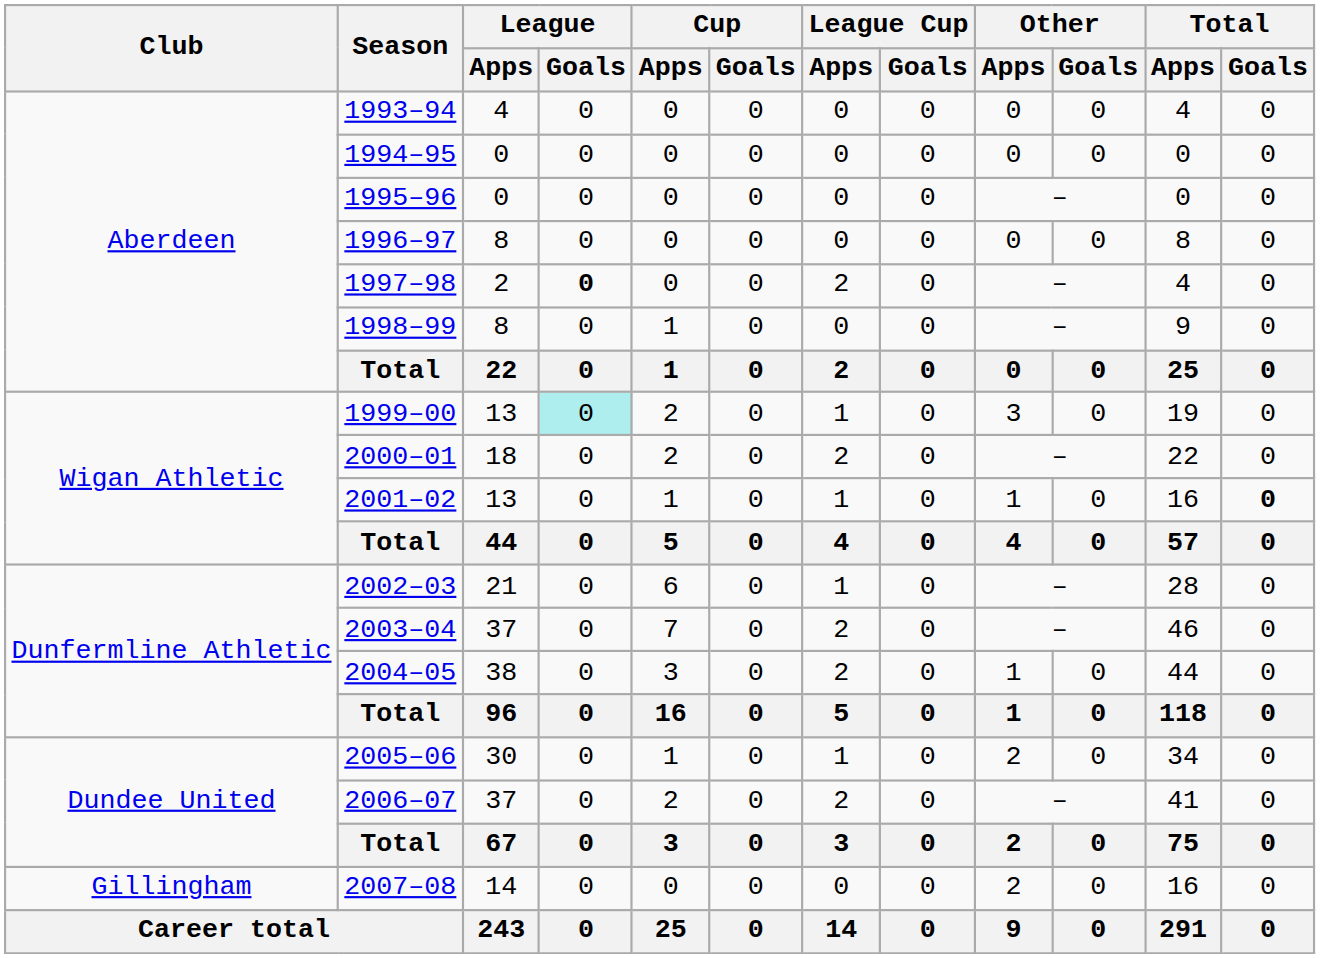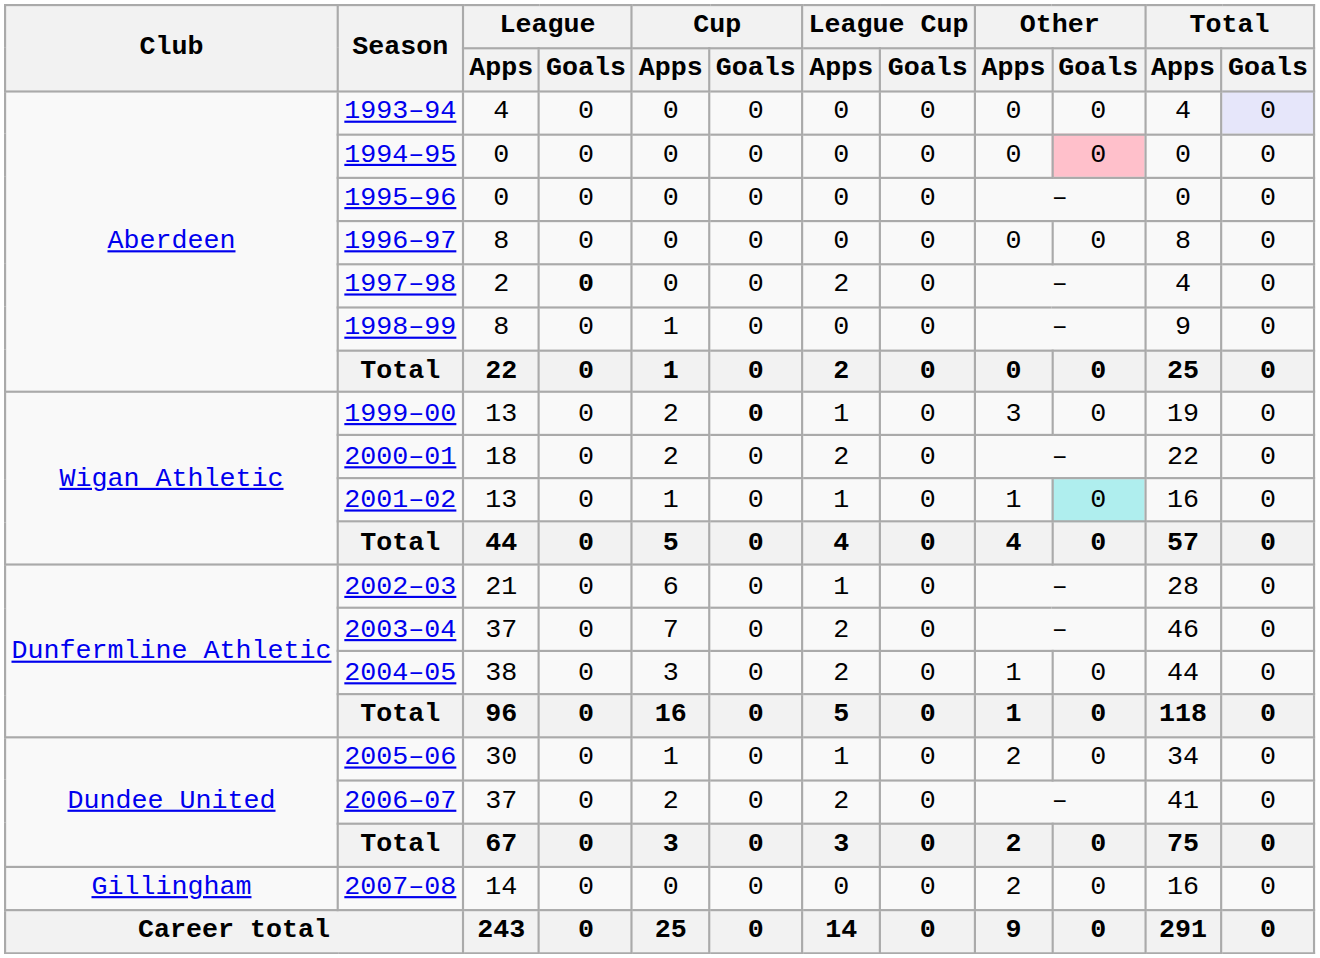 <table class="wikitable" style="font-size:95%; text-align:center">
 <tr>
 <th rowspan="2">Club</th>
 <th rowspan="2">Season</th>
 <th colspan="2">League</th>
 <th colspan="2">Cup</th>
 <th colspan="2">League Cup</th>
 <th colspan="2">Other</th>
 <th colspan="2">Total</th>
 </tr>
 <tr>
 <th>Apps</th>
 <th>Goals</th>
 <th>Apps</th>
 <th>Goals</th>
 <th>Apps</th>
 <th>Goals</th>
 <th>Apps</th>
 <th>Goals</th>
 <th>Apps</th>
 <th>Goals</th>
 </tr>
 <tr>
 <td rowspan="7"><a href='#'>Aberdeen</a></td>
 <td><a href='#'>1993–94</a></td>
 <td>4</td>
 <td>0</td>
 <td>0</td>
 <td>0</td>
 <td>0</td>
 <td>0</td>
 <td>0</td>
 <td>0</td>
 <td>4</td>
-<td>0</td>
+<td style="background: lavender;">0</td>
 </tr>
 <tr>
 <td><a href='#'>1994–95</a></td>
 <td>0</td>
 <td>0</td>
 <td>0</td>
 <td>0</td>
 <td>0</td>
 <td>0</td>
 <td>0</td>
-<td>0</td>
+<td style="background: pink;">0</td>
 <td>0</td>
 <td>0</td>
 </tr>
 <tr>
 <td><a href='#'>1995–96</a></td>
 <td>0</td>
 <td>0</td>
 <td>0</td>
 <td>0</td>
 <td>0</td>
 <td>0</td>
 <td colspan=2>–</td>
 <td>0</td>
 <td>0</td>
 </tr>
 <tr>
 <td><a href='#'>1996–97</a></td>
 <td>8</td>
 <td>0</td>
 <td>0</td>
 <td>0</td>
 <td>0</td>
 <td>0</td>
 <td>0</td>
 <td>0</td>
 <td>8</td>
 <td>0</td>
 </tr>
 <tr>
 <td><a href='#'>1997–98</a></td>
 <td>2</td>
 <td><strong>0</strong></td>
 <td>0</td>
 <td>0</td>
 <td>2</td>
 <td>0</td>
 <td colspan=2>–</td>
 <td>4</td>
 <td>0</td>
 </tr>
 <tr>
 <td><a href='#'>1998–99</a></td>
 <td>8</td>
 <td>0</td>
 <td>1</td>
 <td>0</td>
 <td>0</td>
 <td>0</td>
 <td colspan=2>–</td>
 <td>9</td>
 <td>0</td>
 </tr>
 <tr>
 <th>Total</th>
 <th>22</th>
 <th>0</th>
 <th>1</th>
 <th>0</th>
 <th>2</th>
 <th>0</th>
 <th>0</th>
 <th>0</th>
 <th>25</th>
 <th>0</th>
 </tr>
 <tr>
 <td rowspan="4"><a href='#'>Wigan Athletic</a></td>
 <td><a href='#'>1999–00</a></td>
 <td>13</td>
-<td style="background: paleturquoise;">0</td>
+<td>0</td>
 <td>2</td>
-<td>0</td>
+<td><strong>0</strong></td>
 <td>1</td>
 <td>0</td>
 <td>3</td>
 <td>0</td>
 <td>19</td>
 <td>0</td>
 </tr>
 <tr>
 <td><a href='#'>2000–01</a></td>
 <td>18</td>
 <td>0</td>
 <td>2</td>
 <td>0</td>
 <td>2</td>
 <td>0</td>
 <td colspan=2>–</td>
 <td>22</td>
 <td>0</td>
 </tr>
 <tr>
 <td><a href='#'>2001–02</a></td>
 <td>13</td>
 <td>0</td>
 <td>1</td>
 <td>0</td>
 <td>1</td>
 <td>0</td>
 <td>1</td>
+<td style="background: paleturquoise;">0</td>
+<td>16</td>
 <td>0</td>
-<td>16</td>
-<td><strong>0</strong></td>
 </tr>
 <tr>
 <th>Total</th>
 <th>44</th>
 <th>0</th>
 <th>5</th>
 <th>0</th>
 <th>4</th>
 <th>0</th>
 <th>4</th>
 <th>0</th>
 <th>57</th>
 <th>0</th>
 </tr>
 <tr>
 <td rowspan="4"><a href='#'>Dunfermline Athletic</a></td>
 <td><a href='#'>2002–03</a></td>
 <td>21</td>
 <td>0</td>
 <td>6</td>
 <td>0</td>
 <td>1</td>
 <td>0</td>
 <td colspan=2>–</td>
 <td>28</td>
 <td>0</td>
 </tr>
 <tr>
 <td><a href='#'>2003–04</a></td>
 <td>37</td>
 <td>0</td>
 <td>7</td>
 <td>0</td>
 <td>2</td>
 <td>0</td>
 <td colspan=2>–</td>
 <td>46</td>
 <td>0</td>
 </tr>
 <tr>
 <td><a href='#'>2004–05</a></td>
 <td>38</td>
 <td>0</td>
 <td>3</td>
 <td>0</td>
 <td>2</td>
 <td>0</td>
 <td>1</td>
 <td>0</td>
 <td>44</td>
 <td>0</td>
 </tr>
 <tr>
 <th>Total</th>
 <th>96</th>
 <th>0</th>
 <th>16</th>
 <th>0</th>
 <th>5</th>
 <th>0</th>
 <th>1</th>
 <th>0</th>
 <th>118</th>
 <th>0</th>
 </tr>
 <tr>
 <td rowspan="3"><a href='#'>Dundee United</a></td>
 <td><a href='#'>2005–06</a></td>
 <td>30</td>
 <td>0</td>
 <td>1</td>
 <td>0</td>
 <td>1</td>
 <td>0</td>
 <td>2</td>
 <td>0</td>
 <td>34</td>
 <td>0</td>
 </tr>
 <tr>
 <td><a href='#'>2006–07</a></td>
 <td>37</td>
 <td>0</td>
 <td>2</td>
 <td>0</td>
 <td>2</td>
 <td>0</td>
 <td colspan=2>–</td>
 <td>41</td>
 <td>0</td>
 </tr>
 <tr>
 <th>Total</th>
 <th>67</th>
 <th>0</th>
 <th>3</th>
 <th>0</th>
 <th>3</th>
 <th>0</th>
 <th>2</th>
 <th>0</th>
 <th>75</th>
 <th>0</th>
 </tr>
 <tr>
 <td><a href='#'>Gillingham</a></td>
 <td><a href='#'>2007–08</a></td>
 <td>14</td>
 <td>0</td>
 <td>0</td>
 <td>0</td>
 <td>0</td>
 <td>0</td>
 <td>2</td>
 <td>0</td>
 <td>16</td>
 <td>0</td>
 </tr>
 <tr>
 <th colspan="2">Career total</th>
 <th>243</th>
 <th>0</th>
 <th>25</th>
 <th>0</th>
 <th>14</th>
 <th>0</th>
 <th>9</th>
 <th>0</th>
 <th>291</th>
 <th>0</th>
 </tr>
 </table>
